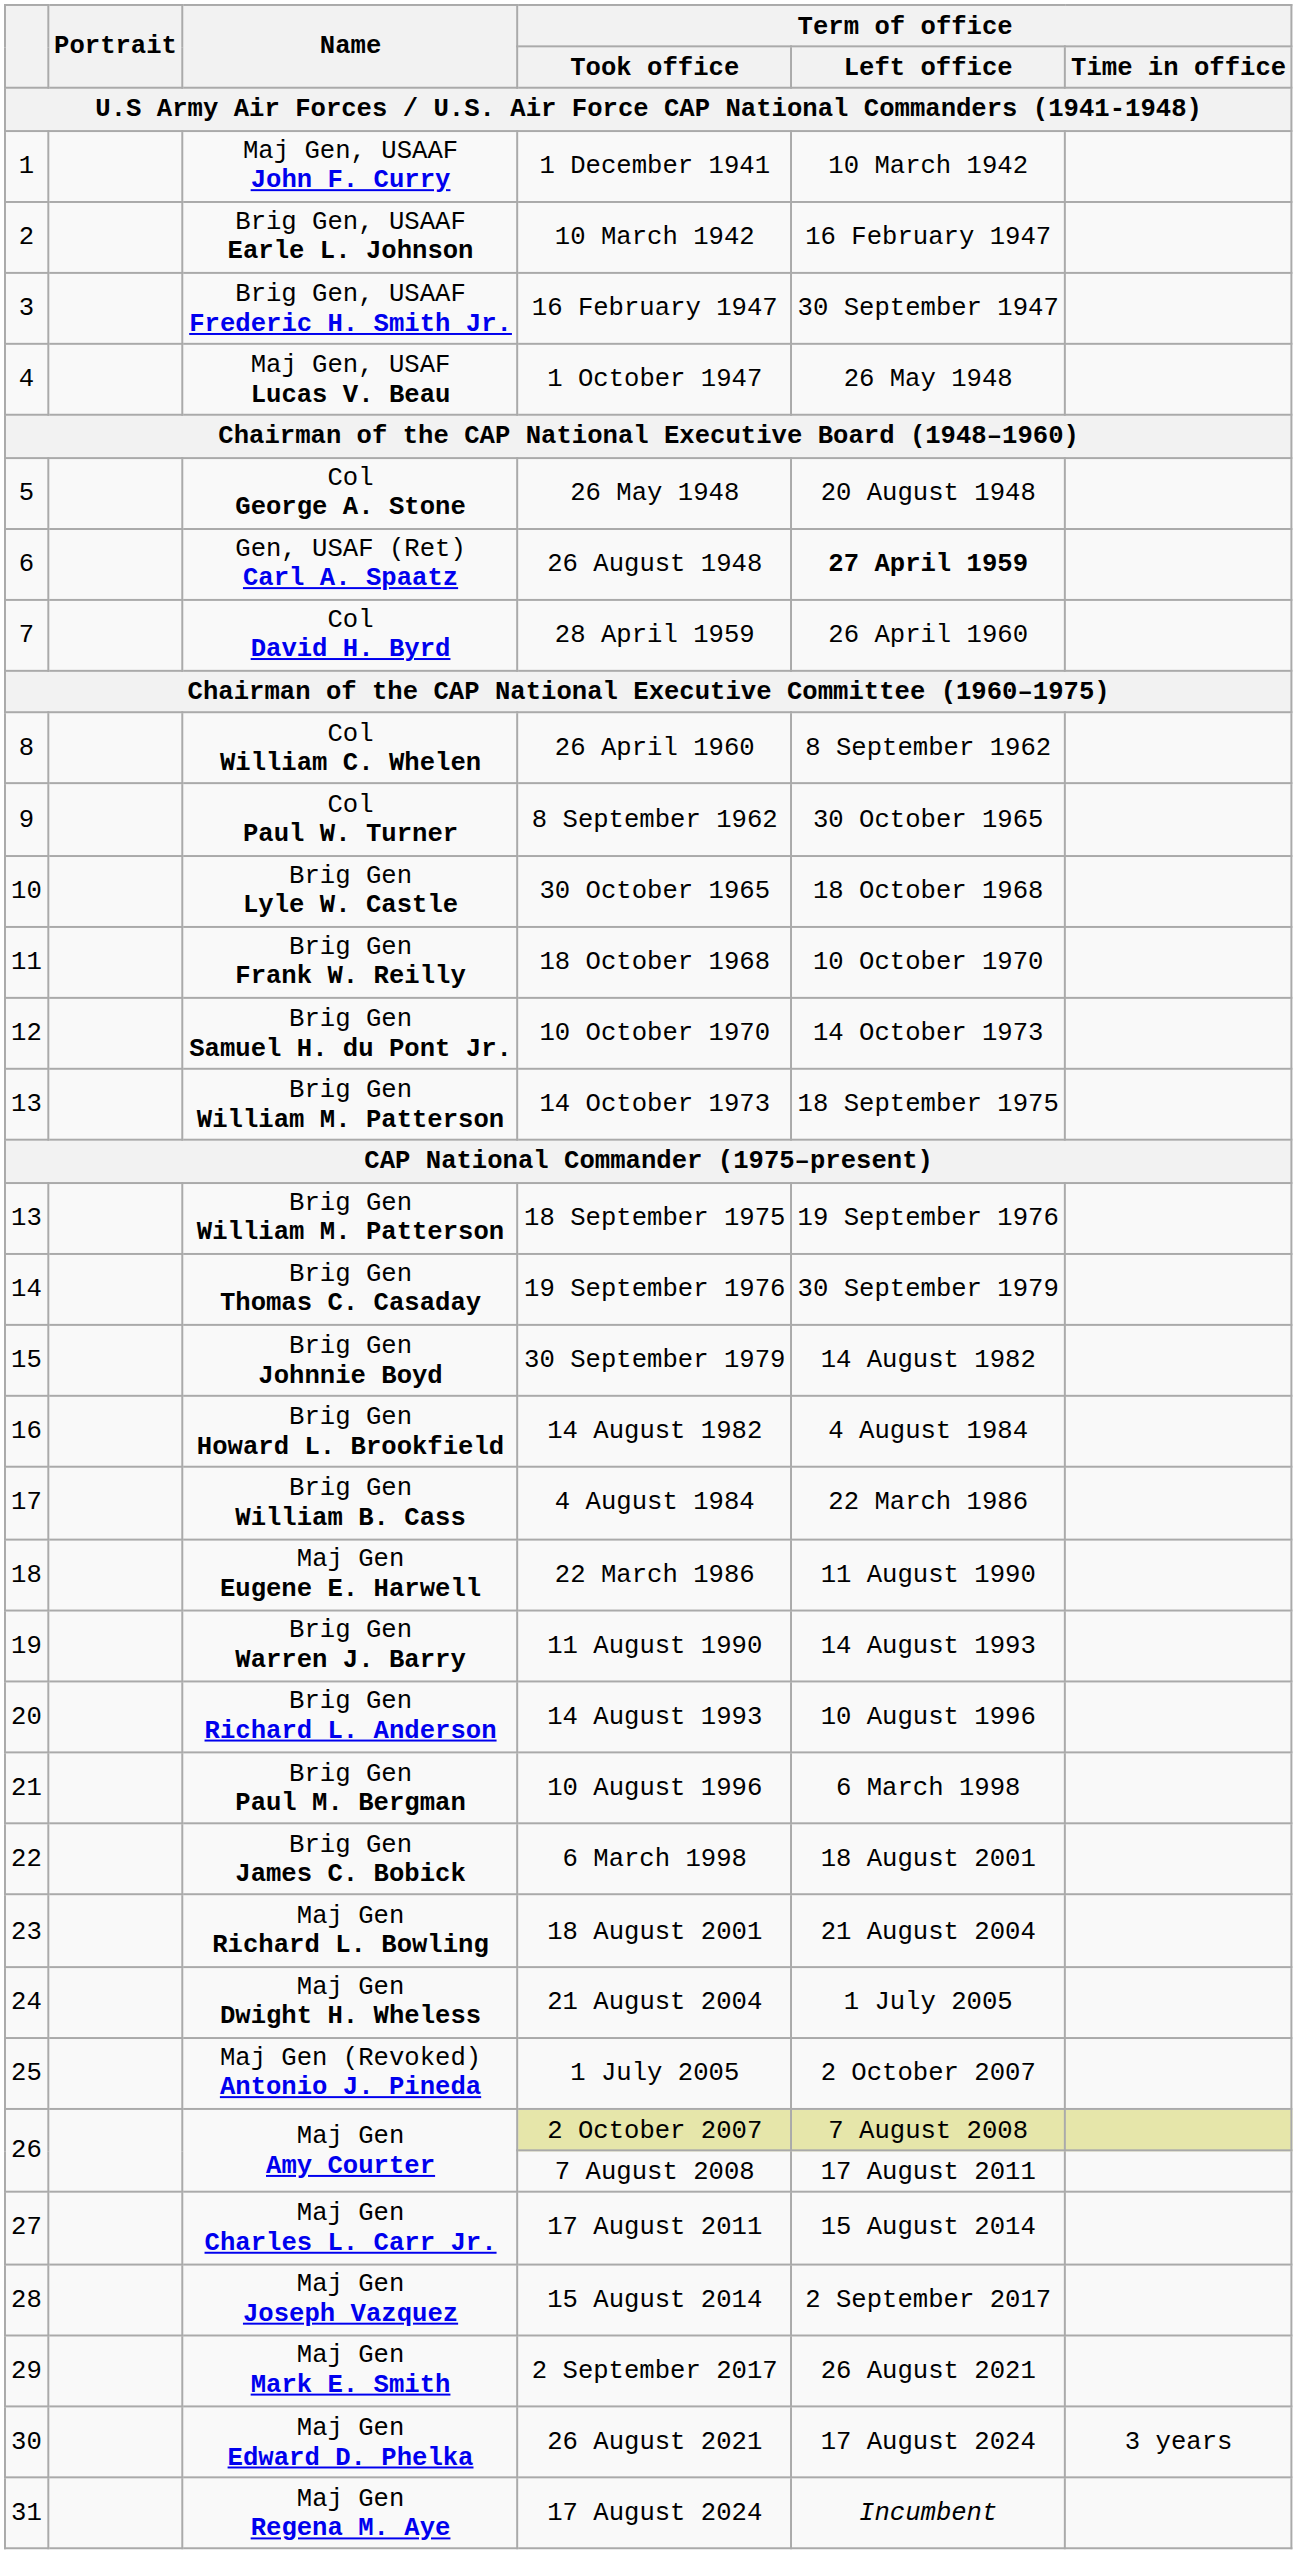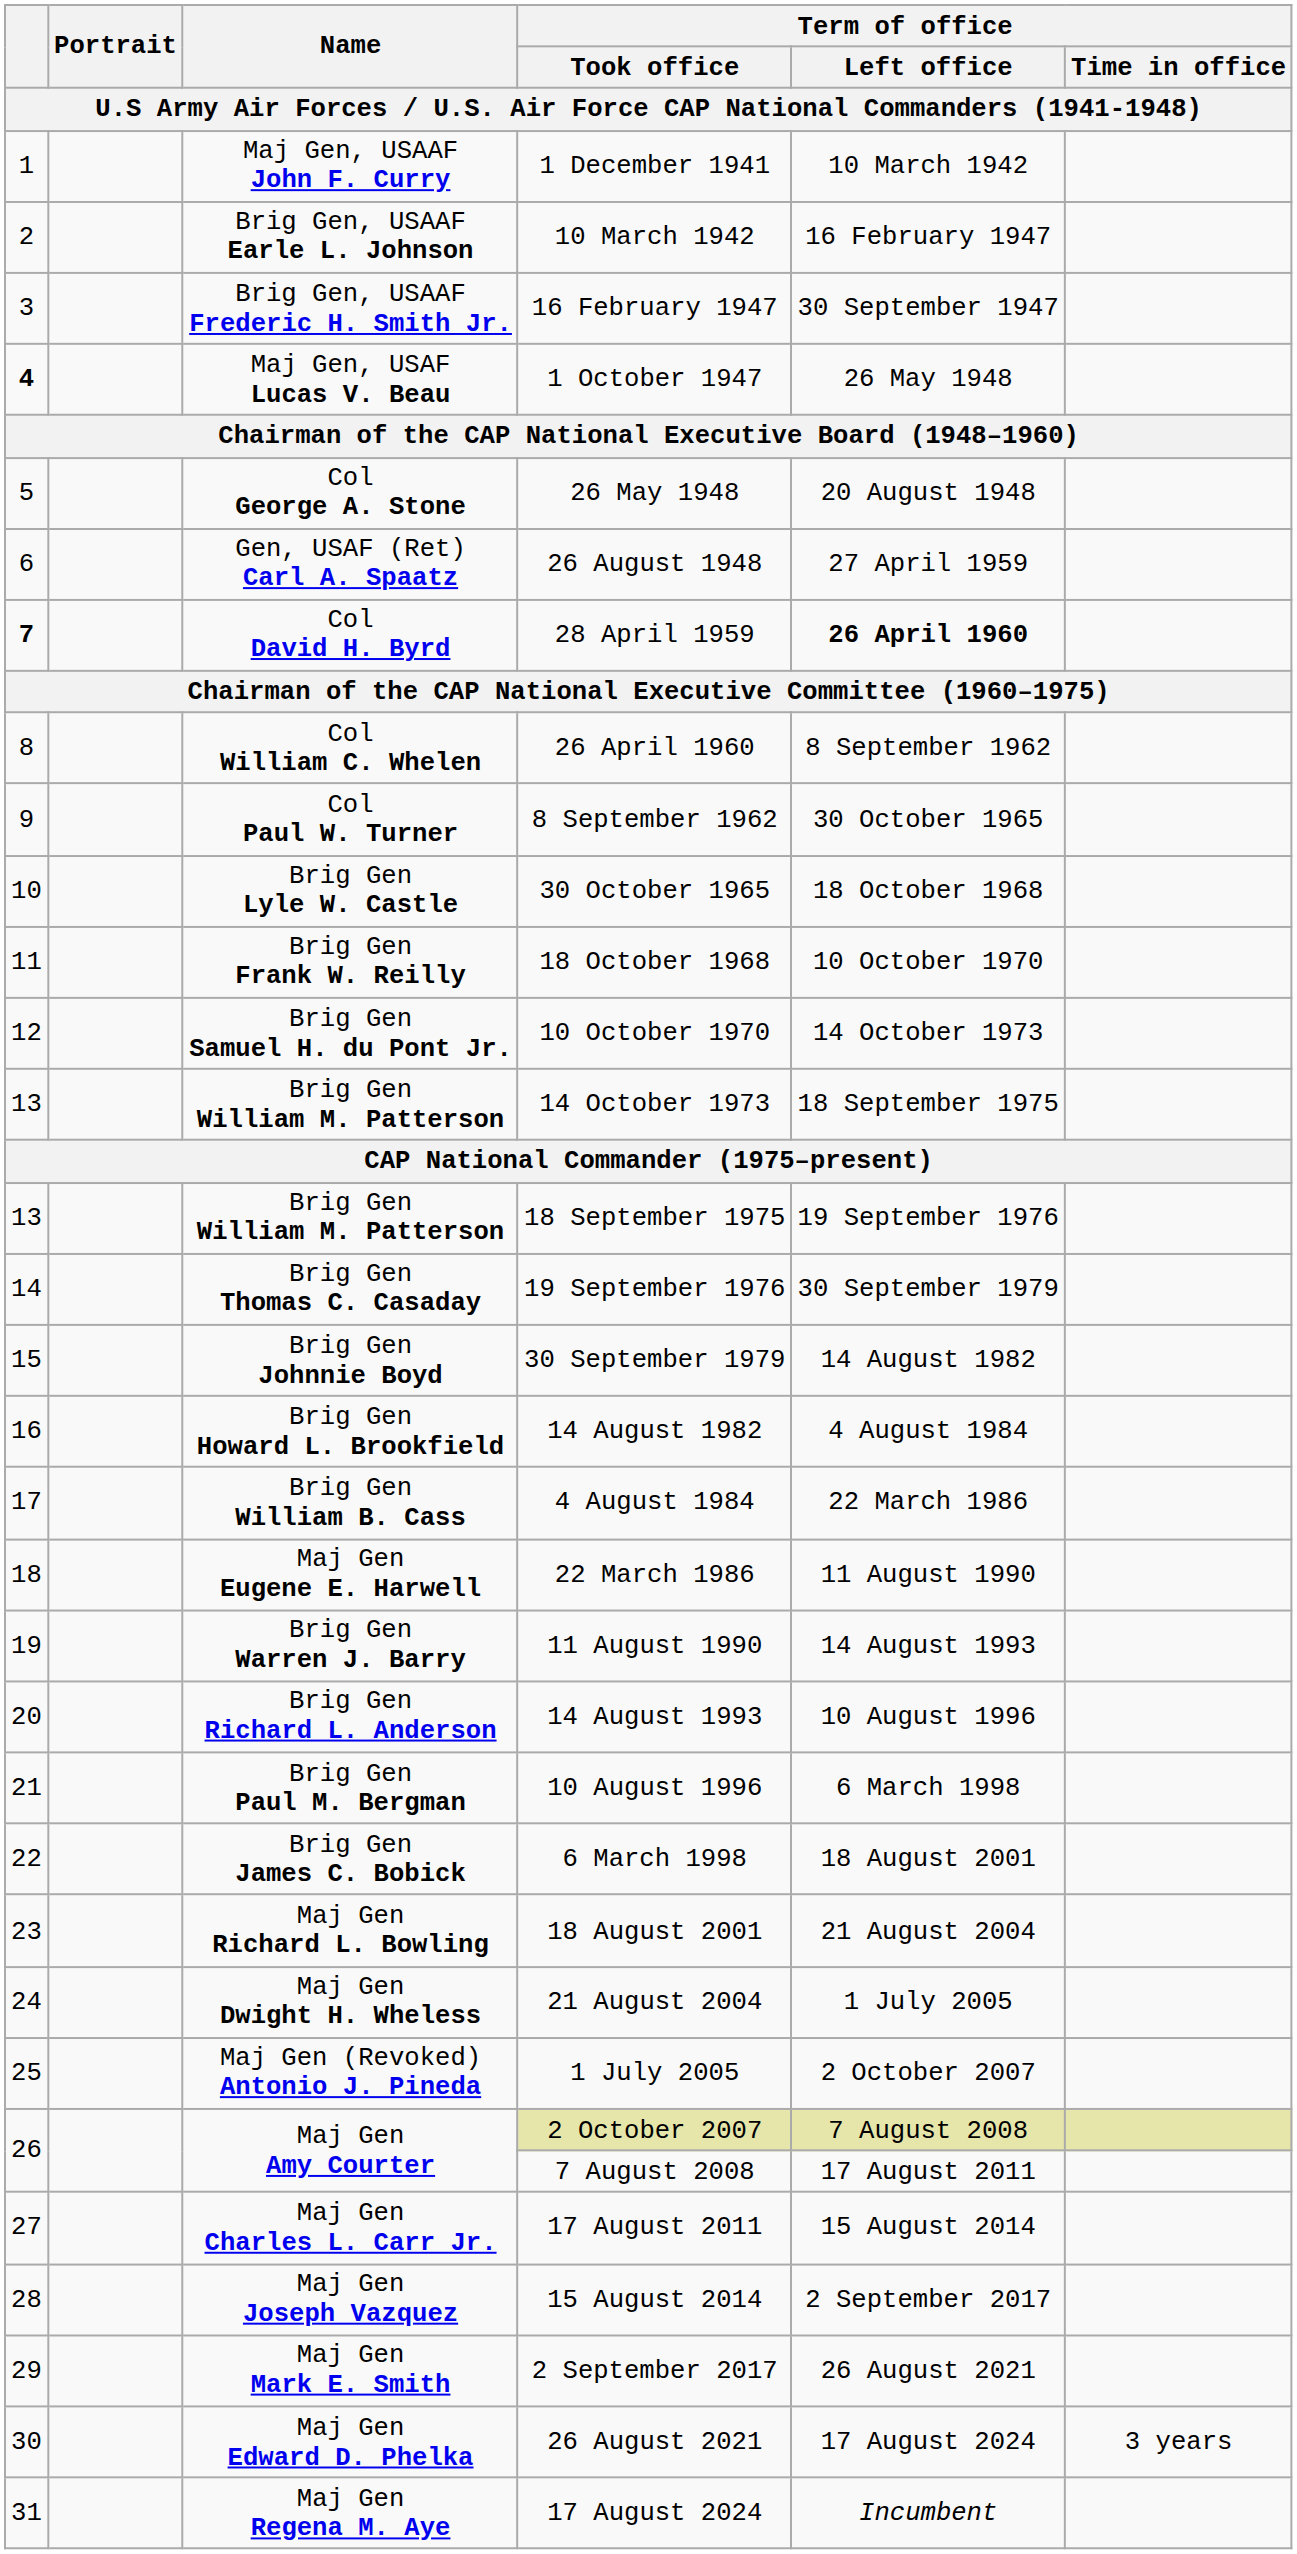 <table class="wikitable" style="text-align:center">
 <tr>
 <th rowspan=2></th>
 <th rowspan=2>Portrait</th>
 <th rowspan=2>Name<br></th>
 <th colspan=3>Term of office</th>
 </tr>
 <tr>
 <th>Took office</th>
 <th>Left office</th>
 <th>Time in office</th>
 </tr>
 <tr>
 <th colspan=6>U.S Army Air Forces / U.S. Air Force CAP National Commanders (1941-1948)</th>
 </tr>
 <tr>
 <td>1</td>
 <td></td>
 <td>Maj Gen, USAAF<br><strong><a href='#'>John F. Curry</a></strong><br></td>
 <td>1 December 1941</td>
 <td>10 March 1942</td>
 <td></td>
 </tr>
 <tr>
 <td>2</td>
 <td></td>
 <td>Brig Gen, USAAF<br><strong>Earle L. Johnson</strong><br></td>
 <td>10 March 1942</td>
 <td>16 February 1947</td>
 <td></td>
 </tr>
 <tr>
 <td>3</td>
 <td></td>
 <td>Brig Gen, USAAF<br><strong><a href='#'>Frederic H. Smith Jr.</a></strong><br></td>
 <td>16 February 1947</td>
 <td>30 September 1947</td>
 <td></td>
 </tr>
 <tr>
-<td>4</td>
+<td><strong>4</strong></td>
 <td></td>
 <td>Maj Gen, USAF<br><strong>Lucas V. Beau</strong><br></td>
 <td>1 October 1947</td>
 <td>26 May 1948</td>
 <td></td>
 </tr>
 <tr>
 <th colspan=6>Chairman of the CAP National Executive Board (1948–1960)</th>
 </tr>
 <tr>
 <td>5</td>
 <td></td>
 <td>Col<br><strong>George A. Stone</strong><br></td>
 <td>26 May 1948</td>
 <td>20 August 1948</td>
 <td></td>
 </tr>
 <tr>
 <td>6</td>
 <td></td>
 <td>Gen, USAF (Ret)<br><strong><a href='#'>Carl A. Spaatz</a></strong><br></td>
 <td>26 August 1948</td>
-<td><strong>27 April 1959</strong></td>
+<td>27 April 1959</td>
 <td></td>
 </tr>
 <tr>
-<td>7</td>
+<td><strong>7</strong></td>
 <td></td>
 <td>Col<br><strong><a href='#'>David H. Byrd</a></strong><br></td>
 <td>28 April 1959</td>
-<td>26 April 1960</td>
+<td><strong>26 April 1960</strong></td>
 <td></td>
 </tr>
 <tr>
 <th colspan=6>Chairman of the CAP National Executive Committee (1960–1975)</th>
 </tr>
 <tr>
 <td>8</td>
 <td></td>
 <td>Col<br><strong>William C. Whelen</strong><br></td>
 <td>26 April 1960</td>
 <td>8 September 1962</td>
 <td></td>
 </tr>
 <tr>
 <td>9</td>
 <td></td>
 <td>Col<br><strong>Paul W. Turner</strong><br></td>
 <td>8 September 1962</td>
 <td>30 October 1965</td>
 <td></td>
 </tr>
 <tr>
 <td>10</td>
 <td></td>
 <td>Brig Gen<br><strong>Lyle W. Castle</strong><br></td>
 <td>30 October 1965</td>
 <td>18 October 1968</td>
 <td></td>
 </tr>
 <tr>
 <td>11</td>
 <td></td>
 <td>Brig Gen<br><strong>Frank W. Reilly</strong><br></td>
 <td>18 October 1968</td>
 <td>10 October 1970</td>
 <td></td>
 </tr>
 <tr>
 <td>12</td>
 <td></td>
 <td>Brig Gen<br><strong>Samuel H. du Pont Jr.</strong><br></td>
 <td>10 October 1970</td>
 <td>14 October 1973</td>
 <td></td>
 </tr>
 <tr>
 <td>13</td>
 <td></td>
 <td>Brig Gen<br><strong>William M. Patterson</strong></td>
 <td>14 October 1973</td>
 <td>18 September 1975</td>
 <td></td>
 </tr>
 <tr>
 <th colspan=6>CAP National Commander (1975–present)</th>
 </tr>
 <tr>
 <td>13</td>
 <td></td>
 <td>Brig Gen<br><strong>William M. Patterson</strong></td>
 <td>18 September 1975</td>
 <td>19 September 1976</td>
 <td></td>
 </tr>
 <tr>
 <td>14</td>
 <td></td>
 <td>Brig Gen<br><strong>Thomas C. Casaday</strong><br></td>
 <td>19 September 1976</td>
 <td>30 September 1979</td>
 <td></td>
 </tr>
 <tr>
 <td>15</td>
 <td></td>
 <td>Brig Gen<br><strong>Johnnie Boyd</strong><br></td>
 <td>30 September 1979</td>
 <td>14 August 1982</td>
 <td></td>
 </tr>
 <tr>
 <td>16</td>
 <td></td>
 <td>Brig Gen<br><strong>Howard L. Brookfield</strong><br></td>
 <td>14 August 1982</td>
 <td>4 August 1984</td>
 <td></td>
 </tr>
 <tr>
 <td>17</td>
 <td></td>
 <td>Brig Gen<br><strong>William B. Cass</strong><br></td>
 <td>4 August 1984</td>
 <td>22 March 1986</td>
 <td></td>
 </tr>
 <tr>
 <td>18</td>
 <td></td>
 <td>Maj Gen<br><strong>Eugene E. Harwell</strong><br></td>
 <td>22 March 1986</td>
 <td>11 August 1990</td>
 <td></td>
 </tr>
 <tr>
 <td>19</td>
 <td></td>
 <td>Brig Gen<br><strong>Warren J. Barry</strong><br></td>
 <td>11 August 1990</td>
 <td>14 August 1993</td>
 <td></td>
 </tr>
 <tr>
 <td>20</td>
 <td></td>
 <td>Brig Gen<br><strong><a href='#'>Richard L. Anderson</a></strong><br></td>
 <td>14 August 1993</td>
 <td>10 August 1996</td>
 <td></td>
 </tr>
 <tr>
 <td>21</td>
 <td></td>
 <td>Brig Gen<br><strong>Paul M. Bergman</strong><br></td>
 <td>10 August 1996</td>
 <td>6 March 1998</td>
 <td></td>
 </tr>
 <tr>
 <td>22</td>
 <td></td>
 <td>Brig Gen<br><strong>James C. Bobick</strong></td>
 <td>6 March 1998</td>
 <td>18 August 2001</td>
 <td></td>
 </tr>
 <tr>
 <td>23</td>
 <td></td>
 <td>Maj Gen<br><strong>Richard L. Bowling</strong></td>
 <td>18 August 2001</td>
 <td>21 August 2004</td>
 <td></td>
 </tr>
 <tr>
 <td>24</td>
 <td></td>
 <td>Maj Gen<br><strong>Dwight H. Wheless</strong><br></td>
 <td>21 August 2004</td>
 <td>1 July 2005</td>
 <td></td>
 </tr>
 <tr>
 <td>25</td>
 <td></td>
 <td>Maj Gen (Revoked)<br><strong><a href='#'>Antonio J. Pineda</a></strong></td>
 <td>1 July 2005</td>
 <td>2 October 2007</td>
 <td></td>
 </tr>
 <tr>
 <td rowspan=2>26</td>
 <td rowspan=2></td>
 <td rowspan=2>Maj Gen<br><strong><a href='#'>Amy Courter</a></strong><br></td>
 <td style="background:#e6e6aa;">2 October 2007</td>
 <td style="background:#e6e6aa;">7 August 2008</td>
 <td style="background:#e6e6aa;"></td>
 </tr>
 <tr>
 <td>7 August 2008</td>
 <td>17 August 2011</td>
 <td></td>
 </tr>
 <tr>
 <td>27</td>
 <td></td>
 <td>Maj Gen<br><strong><a href='#'>Charles L. Carr Jr.</a></strong></td>
 <td>17 August 2011</td>
 <td>15 August 2014</td>
 <td></td>
 </tr>
 <tr>
 <td>28</td>
 <td></td>
 <td>Maj Gen<br><strong><a href='#'>Joseph Vazquez</a></strong></td>
 <td>15 August 2014</td>
 <td>2 September 2017</td>
 <td></td>
 </tr>
 <tr>
 <td>29</td>
 <td></td>
 <td>Maj Gen<br><strong><a href='#'>Mark E. Smith</a></strong></td>
 <td>2 September 2017</td>
 <td>26 August 2021</td>
 <td></td>
 </tr>
 <tr>
 <td>30</td>
 <td></td>
 <td>Maj Gen<br><strong><a href='#'>Edward D. Phelka</a></strong></td>
 <td>26 August 2021</td>
 <td>17 August 2024</td>
 <td>3 years</td>
 </tr>
 <tr>
 <td>31</td>
 <td></td>
 <td>Maj Gen<br> <strong><a href='#'>Regena M. Aye</a></strong></td>
 <td>17 August 2024</td>
 <td><em>Incumbent</em></td>
 <td></td>
 </tr>
 </table>
